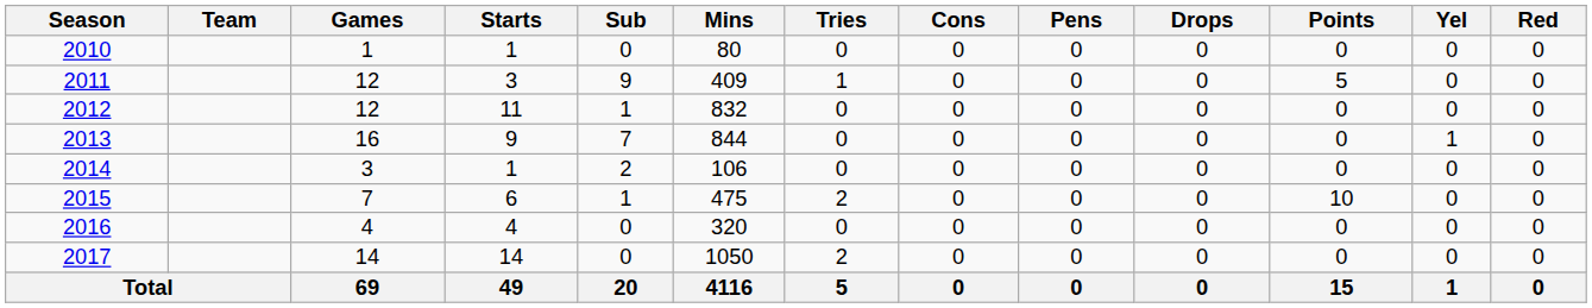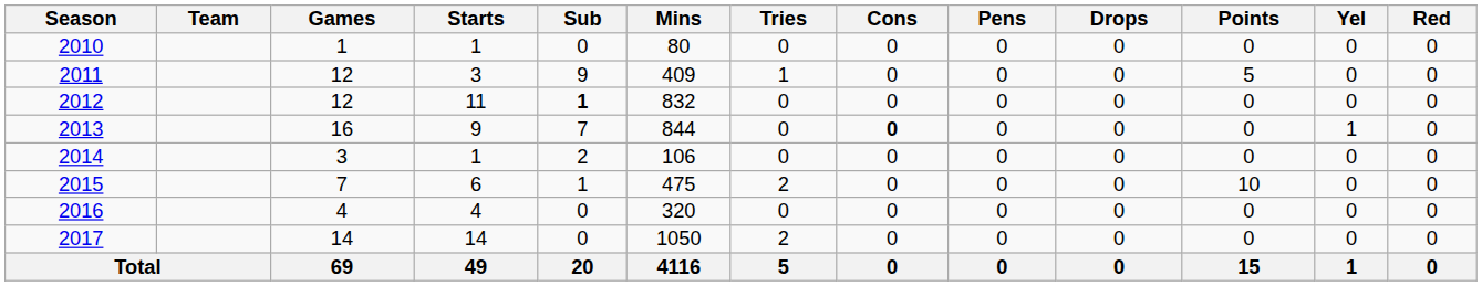 <table class="wikitable" style="text-align:center; line-height:90%; font-size:95%; width:70%;">
 <tr>
 <th>Season</th>
 <th>Team</th>
 <th>Games</th>
 <th>Starts</th>
 <th>Sub</th>
 <th>Mins</th>
 <th>Tries</th>
 <th>Cons</th>
 <th>Pens</th>
 <th>Drops</th>
 <th>Points</th>
 <th>Yel</th>
 <th>Red</th>
 </tr>
 <tr>
 <td><a href='#'>2010</a></td>
 <td></td>
 <td>1</td>
 <td>1</td>
 <td>0</td>
 <td>80</td>
 <td>0</td>
 <td>0</td>
 <td>0</td>
 <td>0</td>
 <td>0</td>
 <td>0</td>
 <td>0</td>
 </tr>
 <tr>
 <td><a href='#'>2011</a></td>
 <td></td>
 <td>12</td>
 <td>3</td>
 <td>9</td>
 <td>409</td>
 <td>1</td>
 <td>0</td>
 <td>0</td>
 <td>0</td>
 <td>5</td>
 <td>0</td>
 <td>0</td>
 </tr>
 <tr>
 <td><a href='#'>2012</a></td>
 <td></td>
 <td>12</td>
 <td>11</td>
-<td>1</td>
+<td><strong>1</strong></td>
 <td>832</td>
 <td>0</td>
 <td>0</td>
 <td>0</td>
 <td>0</td>
 <td>0</td>
 <td>0</td>
 <td>0</td>
 </tr>
 <tr>
 <td><a href='#'>2013</a></td>
 <td></td>
 <td>16</td>
 <td>9</td>
 <td>7</td>
 <td>844</td>
 <td>0</td>
-<td>0</td>
+<td><strong>0</strong></td>
 <td>0</td>
 <td>0</td>
 <td>0</td>
 <td>1</td>
 <td>0</td>
 </tr>
 <tr>
 <td><a href='#'>2014</a></td>
 <td></td>
 <td>3</td>
 <td>1</td>
 <td>2</td>
 <td>106</td>
 <td>0</td>
 <td>0</td>
 <td>0</td>
 <td>0</td>
 <td>0</td>
 <td>0</td>
 <td>0</td>
 </tr>
 <tr>
 <td><a href='#'>2015</a></td>
 <td></td>
 <td>7</td>
 <td>6</td>
 <td>1</td>
 <td>475</td>
 <td>2</td>
 <td>0</td>
 <td>0</td>
 <td>0</td>
 <td>10</td>
 <td>0</td>
 <td>0</td>
 </tr>
 <tr>
 <td><a href='#'>2016</a></td>
 <td></td>
 <td>4</td>
 <td>4</td>
 <td>0</td>
 <td>320</td>
 <td>0</td>
 <td>0</td>
 <td>0</td>
 <td>0</td>
 <td>0</td>
 <td>0</td>
 <td>0</td>
 </tr>
 <tr>
 <td><a href='#'>2017</a></td>
 <td></td>
 <td>14</td>
 <td>14</td>
 <td>0</td>
 <td>1050</td>
 <td>2</td>
 <td>0</td>
 <td>0</td>
 <td>0</td>
 <td>0</td>
 <td>0</td>
 <td>0</td>
 </tr>
 <tr>
 <th colspan="2">Total</th>
 <th>69</th>
 <th>49</th>
 <th>20</th>
 <th>4116</th>
 <th>5</th>
 <th>0</th>
 <th>0</th>
 <th>0</th>
 <th>15</th>
 <th>1</th>
 <th>0</th>
 </tr>
 </table>
